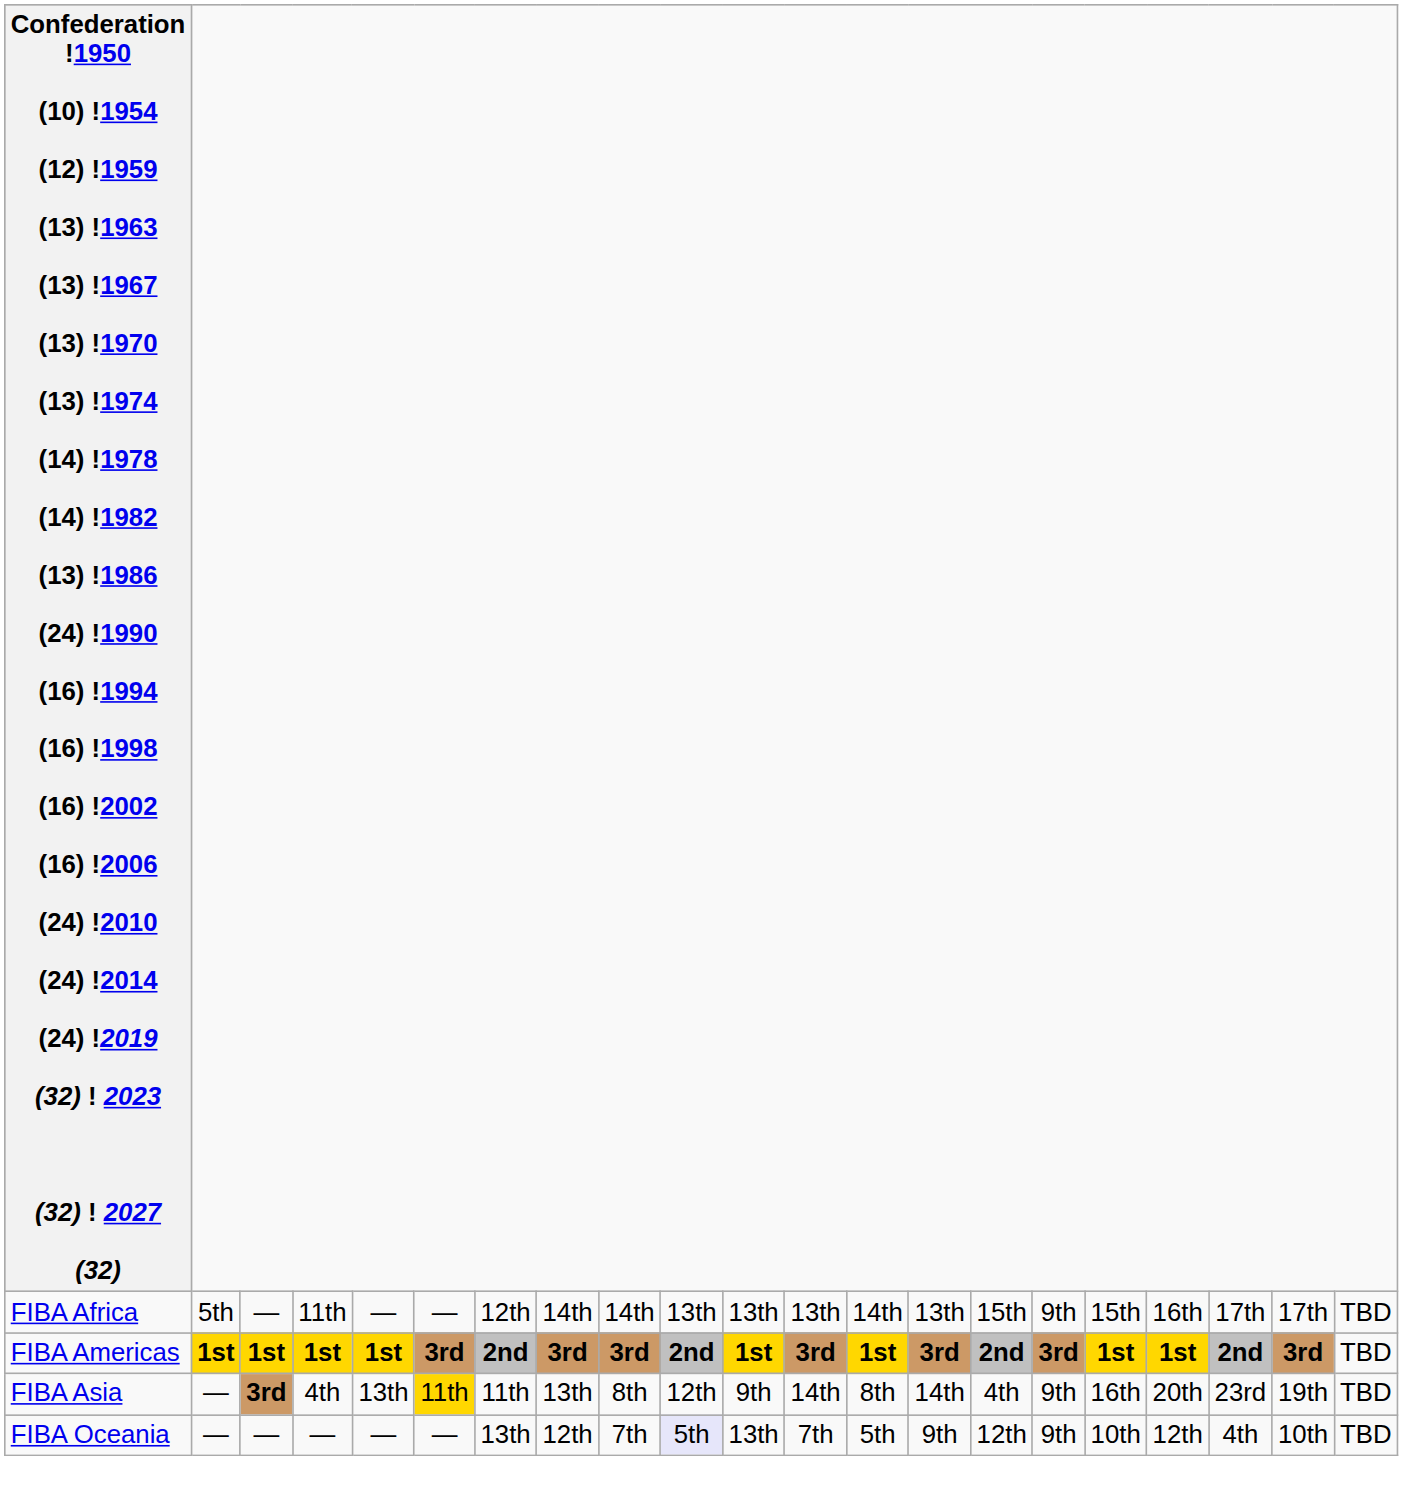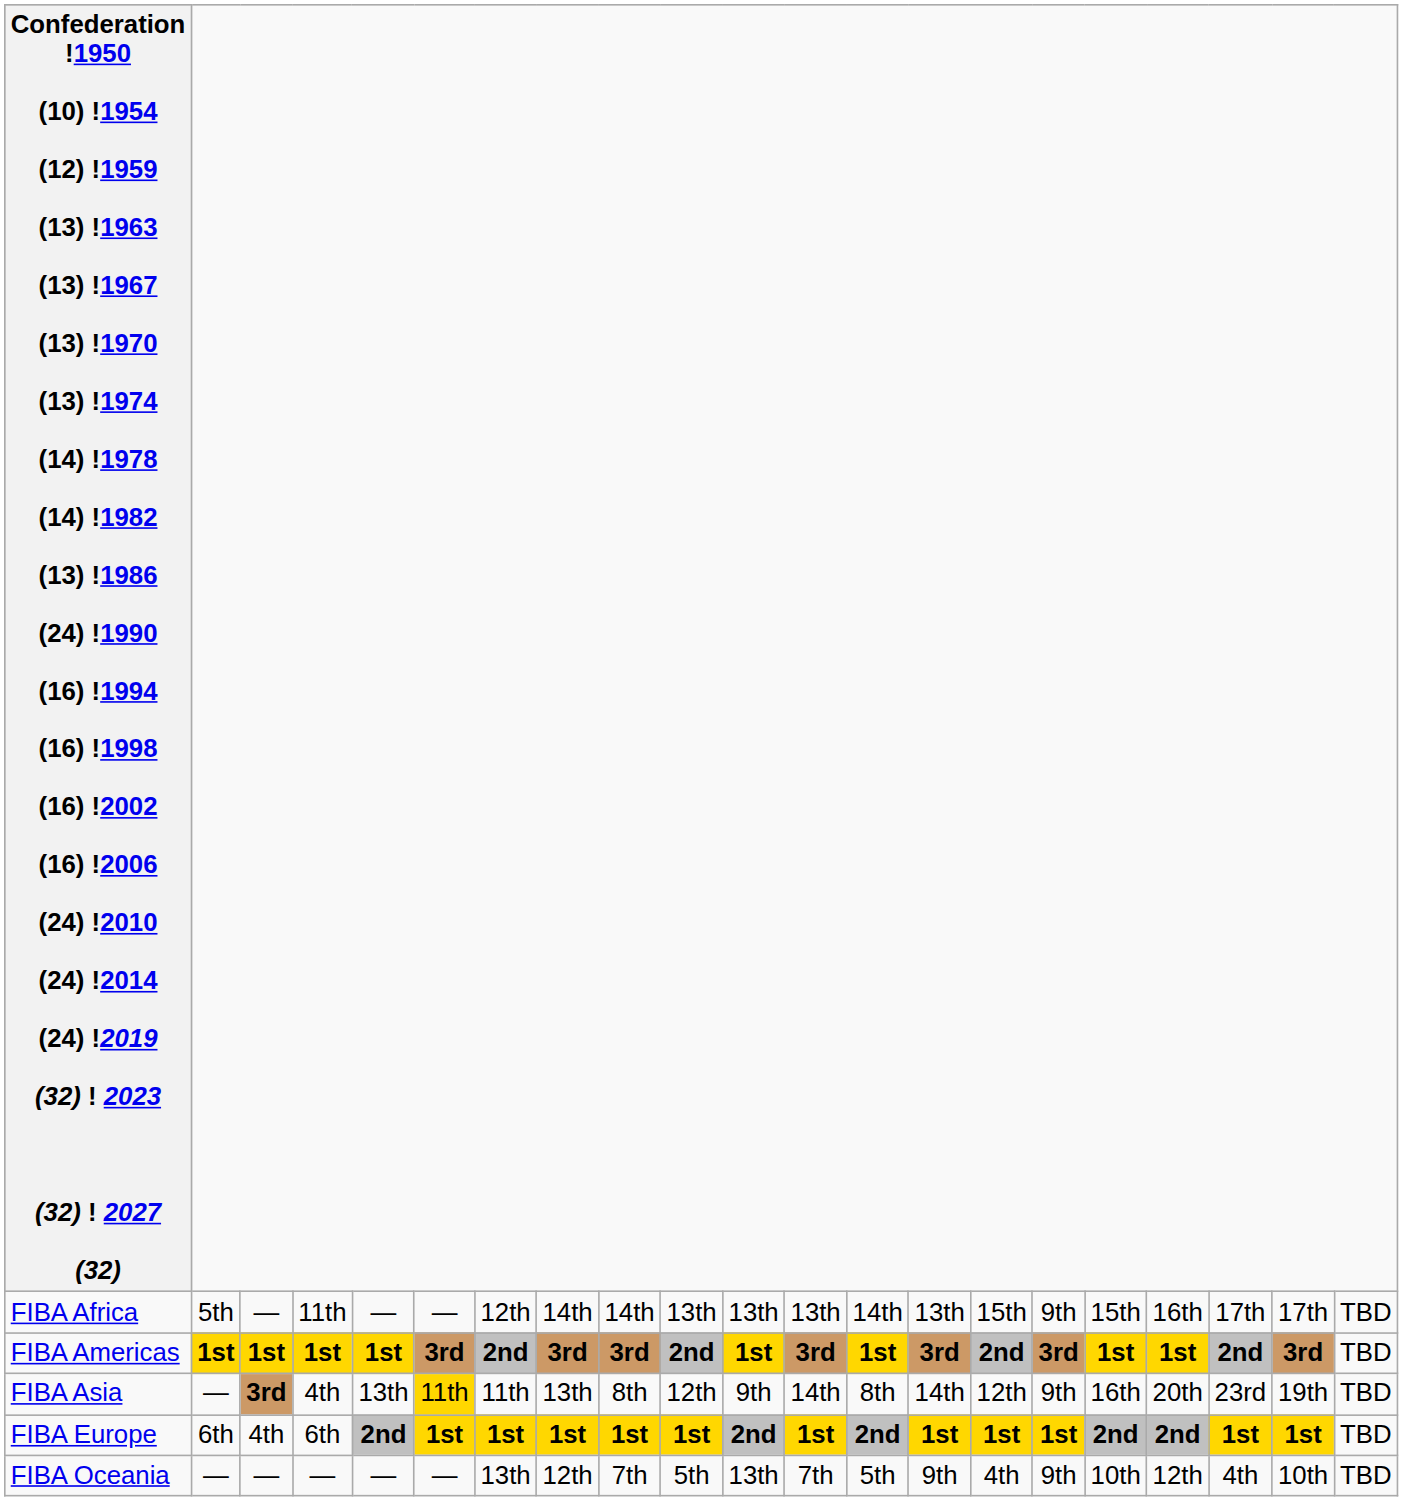 <table class="wikitable" style="text-align:center;">
 <tr style="background:#cccccc;">
 <th>Confederation<br> !<a href='#'>1950</a><br><br>(10)  !<a href='#'>1954</a><br><br>(12)  !<a href='#'>1959</a><br><br>(13)  !<a href='#'>1963</a><br><br>(13)  !<a href='#'>1967</a><br><br>(13)  !<a href='#'>1970</a><br><br>(13)  !<a href='#'>1974</a><br><br>(14)  !<a href='#'>1978</a><br><br>(14)  !<a href='#'>1982</a><br><br>(13)  !<a href='#'>1986</a><br><br>(24)  !<a href='#'>1990</a><br><br>(16)  !<a href='#'>1994</a><br><br>(16)  !<a href='#'>1998</a><br><br>(16)  !<a href='#'>2002</a><br><br>(16)  !<a href='#'>2006</a><br><br>(24)  !<a href='#'>2010</a><br><br>(24)  !<a href='#'>2014</a><br><br>(24)  !<em><a href='#'>2019</a></em><br><br><em>(32)</em>  ! <em><a href='#'>2023</a></em><br><br><br><br><em>(32)</em>  ! <em><a href='#'>2027</a></em><br><br><em>(32)</em></th>
 </tr>
 <tr>
 <td align=left><a href='#'>FIBA Africa</a></td>
 <td>5th</td>
 <td>―</td>
 <td>11th</td>
 <td>―</td>
 <td>―</td>
 <td>12th</td>
 <td>14th</td>
 <td>14th</td>
 <td>13th</td>
 <td>13th</td>
 <td>13th</td>
 <td>14th</td>
 <td>13th</td>
 <td>15th</td>
 <td>9th</td>
 <td>15th</td>
 <td>16th</td>
 <td>17th</td>
 <td>17th</td>
 <td>TBD</td>
 </tr>
 <tr>
 <td align=left><a href='#'>FIBA Americas</a></td>
 <td bgcolor=gold><strong>1st</strong></td>
 <td bgcolor=gold><strong>1st</strong></td>
 <td bgcolor=gold><strong>1st</strong></td>
 <td bgcolor=gold><strong>1st</strong></td>
 <td bgcolor=cc9966><strong>3rd</strong></td>
 <td bgcolor=silver><strong>2nd</strong></td>
 <td bgcolor=cc9966><strong>3rd</strong></td>
 <td bgcolor=cc9966><strong>3rd</strong></td>
 <td bgcolor=silver><strong>2nd</strong></td>
 <td bgcolor=gold><strong>1st</strong></td>
 <td bgcolor=cc9966><strong>3rd</strong></td>
 <td bgcolor=gold><strong>1st</strong></td>
 <td bgcolor=cc9966><strong>3rd</strong></td>
 <td bgcolor=silver><strong>2nd</strong></td>
 <td bgcolor=cc9966><strong>3rd</strong></td>
 <td bgcolor=gold><strong>1st</strong></td>
 <td bgcolor=gold><strong>1st</strong></td>
 <td bgcolor=silver><strong>2nd</strong></td>
 <td bgcolor=cc9966><strong>3rd</strong></td>
 <td>TBD</td>
 </tr>
 <tr>
 <td align=left><a href='#'>FIBA Asia</a></td>
 <td>―</td>
 <td bgcolor=cc9966><strong>3rd</strong></td>
 <td>4th</td>
 <td>13th</td>
 <td style="background: gold;">11th</td>
 <td>11th</td>
 <td>13th</td>
 <td>8th</td>
 <td>12th</td>
 <td>9th</td>
 <td>14th</td>
 <td>8th</td>
 <td>14th</td>
-<td>4th</td>
+<td>12th</td>
 <td>9th</td>
 <td>16th</td>
 <td>20th</td>
 <td>23rd</td>
 <td>19th</td>
+<td>TBD</td>
+</tr>
+<tr>
+<td align=left><a href='#'>FIBA Europe</a></td>
+<td>6th</td>
+<td>4th</td>
+<td>6th</td>
+<td bgcolor=silver><strong>2nd</strong></td>
+<td bgcolor=gold><strong>1st</strong></td>
+<td bgcolor=gold><strong>1st</strong></td>
+<td bgcolor=gold><strong>1st</strong></td>
+<td bgcolor=gold><strong>1st</strong></td>
+<td bgcolor=gold><strong>1st</strong></td>
+<td bgcolor=silver><strong>2nd</strong></td>
+<td bgcolor=gold><strong>1st</strong></td>
+<td bgcolor=silver><strong>2nd</strong></td>
+<td bgcolor=gold><strong>1st</strong></td>
+<td bgcolor=gold><strong>1st</strong></td>
+<td bgcolor=gold><strong>1st</strong></td>
+<td bgcolor=silver><strong>2nd</strong></td>
+<td bgcolor=silver><strong>2nd</strong></td>
+<td bgcolor=gold><strong>1st</strong></td>
+<td bgcolor=gold><strong>1st</strong></td>
 <td>TBD</td>
 </tr>
 <tr>
 <td align=left><a href='#'>FIBA Oceania</a></td>
 <td>―</td>
 <td>―</td>
 <td>―</td>
 <td>―</td>
 <td>―</td>
 <td>13th</td>
 <td>12th</td>
 <td>7th</td>
-<td style="background: lavender;">5th</td>
+<td>5th</td>
 <td>13th</td>
 <td>7th</td>
 <td>5th</td>
 <td>9th</td>
-<td>12th</td>
+<td>4th</td>
 <td>9th</td>
 <td>10th</td>
 <td>12th</td>
 <td>4th</td>
 <td>10th</td>
 <td>TBD</td>
 </tr>
 </table>
